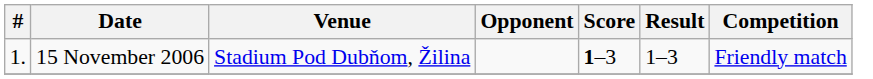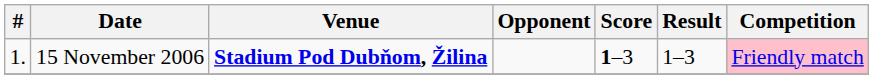 <table class="wikitable">
 <tr>
 <th>#</th>
 <th>Date</th>
 <th>Venue</th>
 <th>Opponent</th>
 <th>Score</th>
 <th>Result</th>
 <th>Competition</th>
 </tr>
 <tr>
 <td>1.</td>
 <td>15 November 2006</td>
-<td><a href='#'>Stadium Pod Dubňom</a>, <a href='#'>Žilina</a></td>
+<td><strong><a href='#'>Stadium Pod Dubňom</a>, <a href='#'>Žilina</a></strong></td>
 <td></td>
 <td><strong>1</strong>–3</td>
 <td>1–3</td>
-<td><a href='#'>Friendly match</a></td>
+<td style="background: pink;"><a href='#'>Friendly match</a></td>
 </tr>
 <tr>
 </tr>
 </table>
